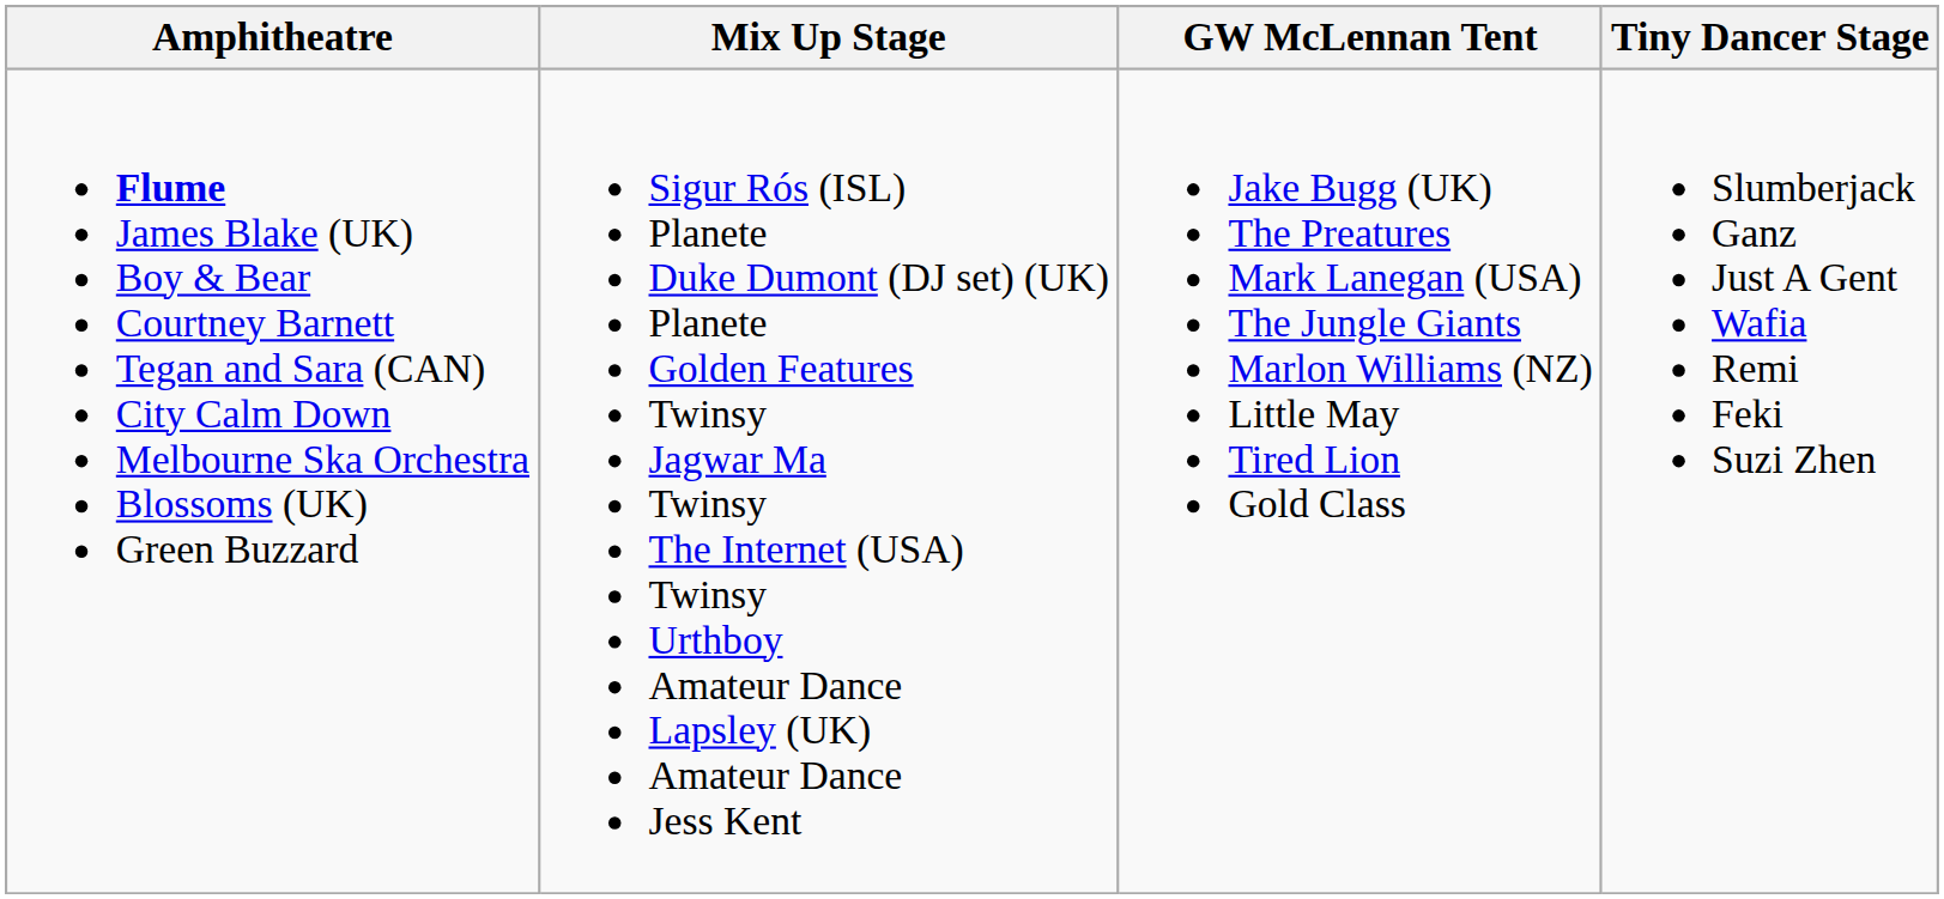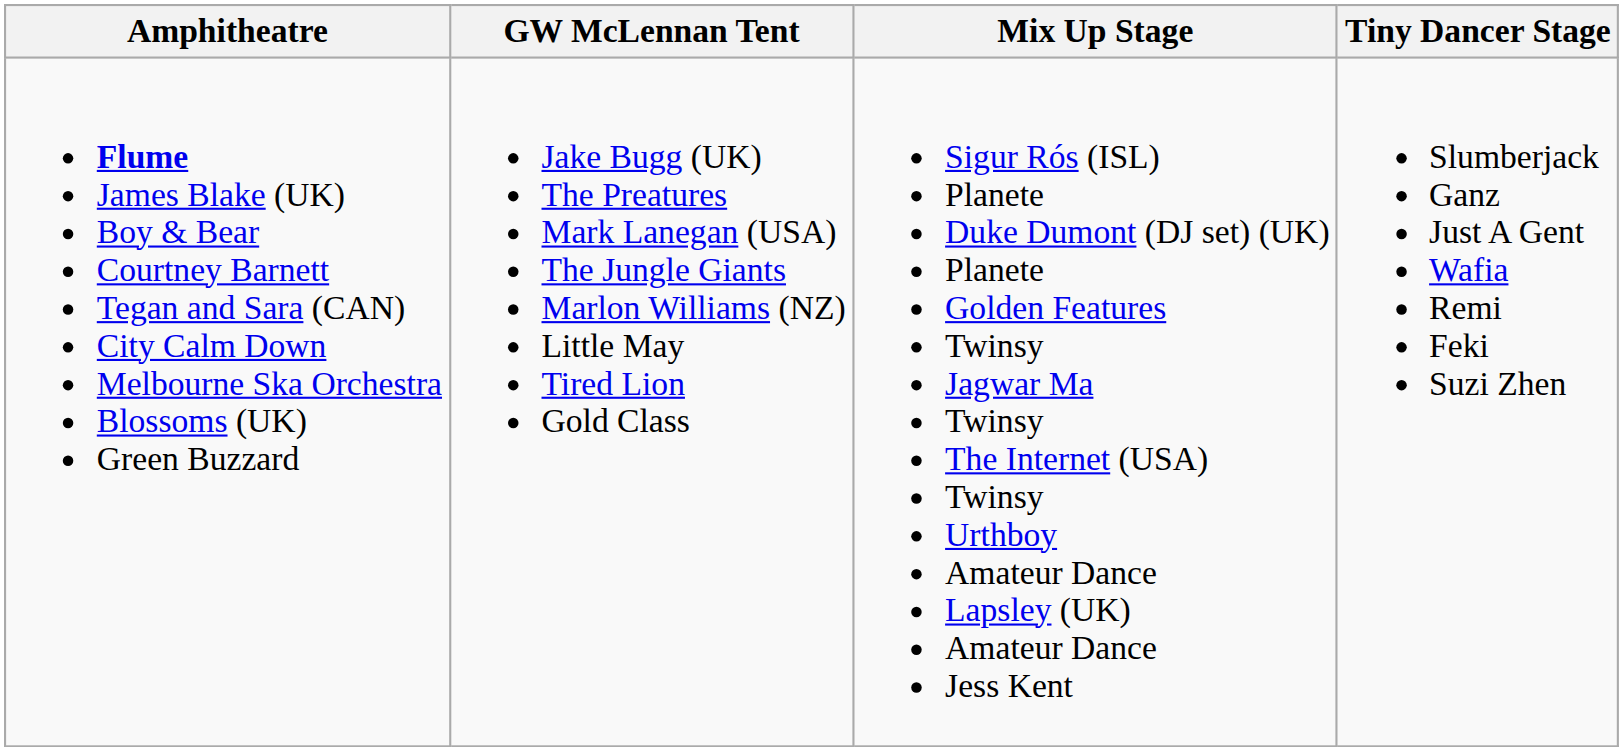 <table class="wikitable">
 <tr>
 <th>Amphitheatre</th>
+<th>GW McLennan Tent</th>
 <th>Mix Up Stage</th>
-<th>GW McLennan Tent</th>
 <th>Tiny Dancer Stage</th>
 </tr>
 <tr valign="top">
 <td><br><ul><li><strong><a href='#'>Flume</a></strong></li><li><a href='#'>James Blake</a> (UK)</li><li><a href='#'>Boy & Bear</a></li><li><a href='#'>Courtney Barnett</a></li><li><a href='#'>Tegan and Sara</a> (CAN)</li><li><a href='#'>City Calm Down</a></li><li><a href='#'>Melbourne Ska Orchestra</a></li><li><a href='#'>Blossoms</a> (UK)</li><li>Green Buzzard</li></ul></td>
+<td><br><ul><li><a href='#'>Jake Bugg</a> (UK)</li><li><a href='#'>The Preatures</a></li><li><a href='#'>Mark Lanegan</a> (USA)</li><li><a href='#'>The Jungle Giants</a></li><li><a href='#'>Marlon Williams</a> (NZ)</li><li>Little May</li><li><a href='#'>Tired Lion</a></li><li>Gold Class</li></ul></td>
 <td><br><ul><li><a href='#'>Sigur Rós</a> (ISL)</li><li>Planete</li><li><a href='#'>Duke Dumont</a> (DJ set) (UK)</li><li>Planete</li><li><a href='#'>Golden Features</a></li><li>Twinsy</li><li><a href='#'>Jagwar Ma</a></li><li>Twinsy</li><li><a href='#'>The Internet</a> (USA)</li><li>Twinsy</li><li><a href='#'>Urthboy</a></li><li>Amateur Dance</li><li><a href='#'>Lapsley</a> (UK)</li><li>Amateur Dance</li><li>Jess Kent</li></ul></td>
-<td><br><ul><li><a href='#'>Jake Bugg</a> (UK)</li><li><a href='#'>The Preatures</a></li><li><a href='#'>Mark Lanegan</a> (USA)</li><li><a href='#'>The Jungle Giants</a></li><li><a href='#'>Marlon Williams</a> (NZ)</li><li>Little May</li><li><a href='#'>Tired Lion</a></li><li>Gold Class</li></ul></td>
 <td><br><ul><li>Slumberjack</li><li>Ganz</li><li>Just A Gent</li><li><a href='#'>Wafia</a></li><li>Remi</li><li>Feki</li><li>Suzi Zhen</li></ul></td>
 </tr>
 </table>
